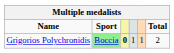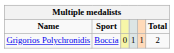 <table class="wikitable" style="font-size:85%; float:left;">
 <tr style="background:#efefef;">
 <th colspan=7><strong>Multiple medalists</strong></th>
 </tr>
 <tr align=center>
 <td><strong>Name</strong></td>
 <td><strong>Sport</strong></td>
 <td style="background:#f7f6a8;"></td>
 <td style="background:#dce5e5;"></td>
 <td style="background:#ffdab9;"></td>
 <td><strong>Total</strong></td>
 </tr>
 <tr align=center>
 <td><a href='#'>Grigorios Polychronidis</a></td>
-<td style="background: lightgreen;"><a href='#'>Boccia</a></td>
-<td style="background:#f7f6a8;"><strong>0</strong></td>
+<td><a href='#'>Boccia</a></td>
+<td style="background:#f7f6a8;">0</td>
 <td style="background:#dce5e5;">1</td>
 <td style="background:#ffdab9;">1</td>
 <td>2</td>
 </tr>
 </table>
